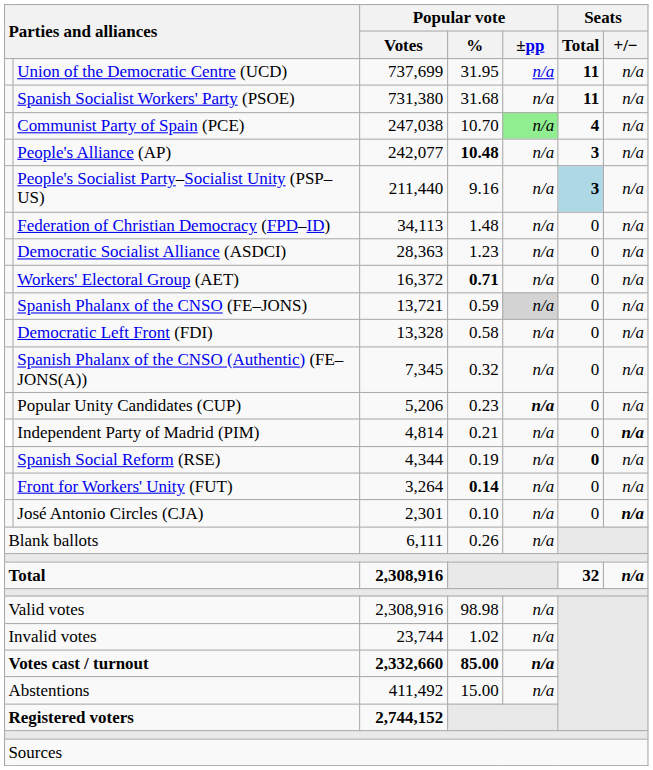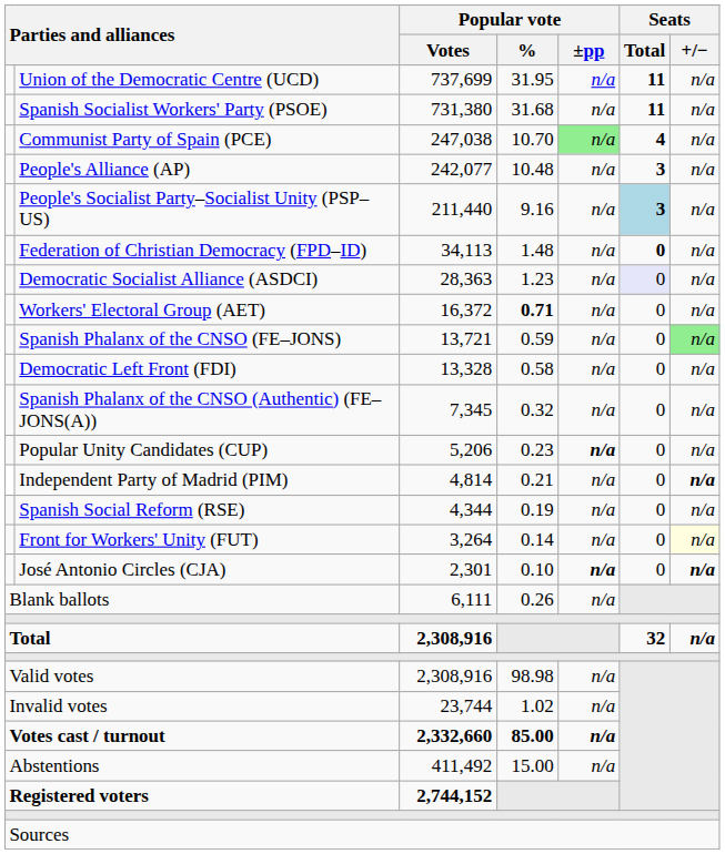 <table class="wikitable" style="text-align:right;">
 <tr>
 <th style="text-align:left;" rowspan="2" colspan="2" width="525">Parties and alliances</th>
 <th colspan="3">Popular vote</th>
 <th colspan="2">Seats</th>
 </tr>
 <tr>
 <th width="75">Votes</th>
 <th width="45">%</th>
 <th width="45">±<a href='#'>pp</a></th>
 <th width="35">Total</th>
 <th width="35">+/−</th>
 </tr>
 <tr>
 <td width="1" style="color:inherit;background:"></td>
 <td align="left"><a href='#'>Union of the Democratic Centre</a> (UCD)</td>
 <td>737,699</td>
 <td>31.95</td>
 <td><em><a href='#'>n/a</a></em></td>
 <td><strong>11</strong></td>
 <td><em>n/a</em></td>
 </tr>
 <tr>
 <td style="color:inherit;background:"></td>
 <td align="left"><a href='#'>Spanish Socialist Workers' Party</a> (PSOE)</td>
 <td>731,380</td>
 <td>31.68</td>
 <td><em>n/a</em></td>
 <td><strong>11</strong></td>
 <td><em>n/a</em></td>
 </tr>
 <tr>
 <td style="color:inherit;background:"></td>
 <td align="left"><a href='#'>Communist Party of Spain</a> (PCE)</td>
 <td>247,038</td>
 <td>10.70</td>
 <td style="background: lightgreen;"><em>n/a</em></td>
 <td><strong>4</strong></td>
 <td><em>n/a</em></td>
 </tr>
 <tr>
 <td style="color:inherit;background:"></td>
 <td align="left"><a href='#'>People's Alliance</a> (AP)</td>
 <td>242,077</td>
-<td><strong>10.48</strong></td>
+<td>10.48</td>
 <td><em>n/a</em></td>
 <td><strong>3</strong></td>
 <td><em>n/a</em></td>
 </tr>
 <tr>
 <td style="color:inherit;background:"></td>
 <td align="left"><a href='#'>People's Socialist Party</a>–<a href='#'>Socialist Unity</a> (PSP–US)</td>
 <td>211,440</td>
 <td>9.16</td>
 <td><em>n/a</em></td>
 <td style="background: lightblue;"><strong>3</strong></td>
 <td><em>n/a</em></td>
 </tr>
 <tr>
 <td style="color:inherit;background:"></td>
 <td align="left"><a href='#'>Federation of Christian Democracy</a> (<a href='#'>FPD</a>–<a href='#'>ID</a>)</td>
 <td>34,113</td>
 <td>1.48</td>
 <td><em>n/a</em></td>
-<td>0</td>
+<td><strong>0</strong></td>
 <td><em>n/a</em></td>
 </tr>
 <tr>
 <td style="color:inherit;background:"></td>
 <td align="left"><a href='#'>Democratic Socialist Alliance</a> (ASDCI)</td>
 <td>28,363</td>
 <td>1.23</td>
 <td><em>n/a</em></td>
-<td>0</td>
+<td style="background: lavender;">0</td>
 <td><em>n/a</em></td>
 </tr>
 <tr>
 <td style="color:inherit;background:"></td>
 <td align="left"><a href='#'>Workers' Electoral Group</a> (AET)</td>
 <td>16,372</td>
 <td><strong>0.71</strong></td>
 <td><em>n/a</em></td>
 <td>0</td>
 <td><em>n/a</em></td>
 </tr>
 <tr>
 <td style="color:inherit;background:"></td>
 <td align="left"><a href='#'>Spanish Phalanx of the CNSO</a> (FE–JONS)</td>
 <td>13,721</td>
 <td>0.59</td>
-<td style="background: lightgrey;"><em>n/a</em></td>
+<td><em>n/a</em></td>
 <td>0</td>
-<td><em>n/a</em></td>
+<td style="background: lightgreen;"><em>n/a</em></td>
 </tr>
 <tr>
 <td style="color:inherit;background:"></td>
 <td align="left"><a href='#'>Democratic Left Front</a> (FDI)</td>
 <td>13,328</td>
 <td>0.58</td>
 <td><em>n/a</em></td>
 <td>0</td>
 <td><em>n/a</em></td>
 </tr>
 <tr>
 <td style="color:inherit;background:"></td>
 <td align="left"><a href='#'>Spanish Phalanx of the CNSO (Authentic)</a> (FE–JONS(A))</td>
 <td>7,345</td>
 <td>0.32</td>
 <td><em>n/a</em></td>
 <td>0</td>
 <td><em>n/a</em></td>
 </tr>
 <tr>
 <td style="color:inherit;background:"></td>
 <td align="left">Popular Unity Candidates (CUP)</td>
 <td>5,206</td>
 <td>0.23</td>
 <td><strong><em>n/a</em></strong></td>
 <td>0</td>
 <td><em>n/a</em></td>
 </tr>
 <tr>
 <td bgcolor="white"></td>
 <td align="left">Independent Party of Madrid (PIM)</td>
 <td>4,814</td>
 <td>0.21</td>
 <td><em>n/a</em></td>
 <td>0</td>
 <td><strong><em>n/a</em></strong></td>
 </tr>
 <tr>
 <td style="color:inherit;background:"></td>
 <td align="left"><a href='#'>Spanish Social Reform</a> (RSE)</td>
 <td>4,344</td>
 <td>0.19</td>
 <td><em>n/a</em></td>
-<td><strong>0</strong></td>
+<td>0</td>
 <td><em>n/a</em></td>
 </tr>
 <tr>
 <td style="color:inherit;background:"></td>
 <td align="left"><a href='#'>Front for Workers' Unity</a> (FUT)</td>
 <td>3,264</td>
-<td><strong>0.14</strong></td>
+<td>0.14</td>
 <td><em>n/a</em></td>
 <td>0</td>
-<td><em>n/a</em></td>
+<td style="background: lightyellow;"><em>n/a</em></td>
 </tr>
 <tr>
 <td style="color:inherit;background:"></td>
 <td align="left">José Antonio Circles (CJA)</td>
 <td>2,301</td>
 <td>0.10</td>
-<td><em>n/a</em></td>
+<td><strong><em>n/a</em></strong></td>
 <td>0</td>
 <td><strong><em>n/a</em></strong></td>
 </tr>
 <tr>
 <td align="left" colspan="2">Blank ballots</td>
 <td>6,111</td>
 <td>0.26</td>
 <td><em>n/a</em></td>
 <td bgcolor="#E9E9E9" colspan="2"></td>
 </tr>
 <tr>
 <td colspan="7" bgcolor="#E9E9E9"></td>
 </tr>
 <tr style="font-weight:bold;">
 <td align="left" colspan="2">Total</td>
 <td>2,308,916</td>
 <td bgcolor="#E9E9E9" colspan="2"></td>
 <td>32</td>
 <td><em>n/a</em></td>
 </tr>
 <tr>
 <td colspan="7" bgcolor="#E9E9E9"></td>
 </tr>
 <tr>
 <td align="left" colspan="2">Valid votes</td>
 <td>2,308,916</td>
 <td>98.98</td>
 <td><em>n/a</em></td>
 <td bgcolor="#E9E9E9" colspan="2" rowspan="5"></td>
 </tr>
 <tr>
 <td align="left" colspan="2">Invalid votes</td>
 <td>23,744</td>
 <td>1.02</td>
 <td><em>n/a</em></td>
 </tr>
 <tr style="font-weight:bold;">
 <td align="left" colspan="2">Votes cast / turnout</td>
 <td>2,332,660</td>
 <td>85.00</td>
 <td><em>n/a</em></td>
 </tr>
 <tr>
 <td align="left" colspan="2">Abstentions</td>
 <td>411,492</td>
 <td>15.00</td>
 <td><em>n/a</em></td>
 </tr>
 <tr style="font-weight:bold;">
 <td align="left" colspan="2">Registered voters</td>
 <td>2,744,152</td>
 <td bgcolor="#E9E9E9" colspan="2"></td>
 </tr>
 <tr>
 <td colspan="7" bgcolor="#E9E9E9"></td>
 </tr>
 <tr>
 <td align="left" colspan="7">Sources</td>
 </tr>
 </table>
